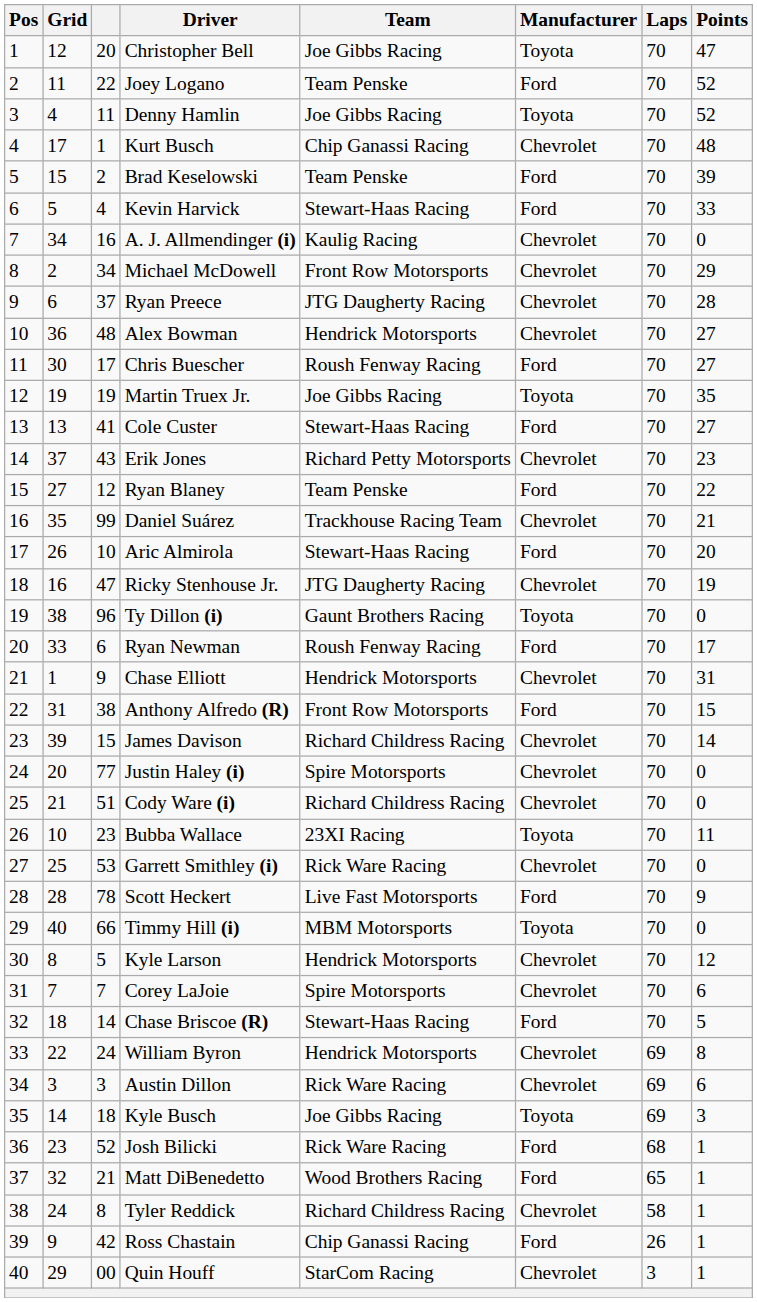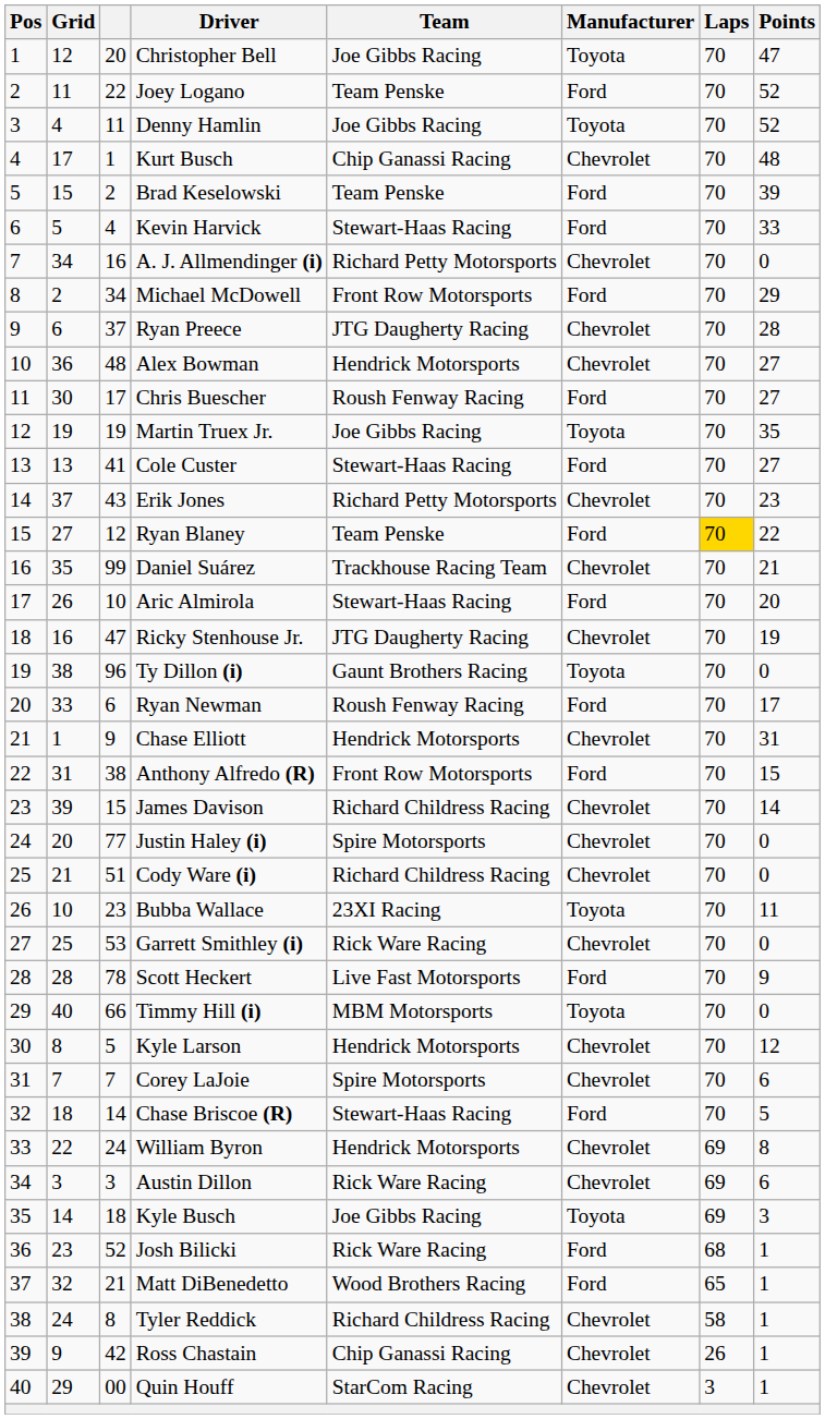 <table class="wikitable" style="font-size:98%">
 <tr>
 <th>Pos</th>
 <th>Grid</th>
 <th></th>
 <th>Driver</th>
 <th>Team</th>
 <th>Manufacturer</th>
 <th>Laps</th>
 <th>Points</th>
 </tr>
 <tr>
 <td>1</td>
 <td>12</td>
 <td>20</td>
 <td>Christopher Bell</td>
 <td>Joe Gibbs Racing</td>
 <td>Toyota</td>
 <td>70</td>
 <td>47</td>
 </tr>
 <tr>
 <td>2</td>
 <td>11</td>
 <td>22</td>
 <td>Joey Logano</td>
 <td>Team Penske</td>
 <td>Ford</td>
 <td>70</td>
 <td>52</td>
 </tr>
 <tr>
 <td>3</td>
 <td>4</td>
 <td>11</td>
 <td>Denny Hamlin</td>
 <td>Joe Gibbs Racing</td>
 <td>Toyota</td>
 <td>70</td>
 <td>52</td>
 </tr>
 <tr>
 <td>4</td>
 <td>17</td>
 <td>1</td>
 <td>Kurt Busch</td>
 <td>Chip Ganassi Racing</td>
 <td>Chevrolet</td>
 <td>70</td>
 <td>48</td>
 </tr>
 <tr>
 <td>5</td>
 <td>15</td>
 <td>2</td>
 <td>Brad Keselowski</td>
 <td>Team Penske</td>
 <td>Ford</td>
 <td>70</td>
 <td>39</td>
 </tr>
 <tr>
 <td>6</td>
 <td>5</td>
 <td>4</td>
 <td>Kevin Harvick</td>
 <td>Stewart-Haas Racing</td>
 <td>Ford</td>
 <td>70</td>
 <td>33</td>
 </tr>
 <tr>
 <td>7</td>
 <td>34</td>
 <td>16</td>
 <td>A. J. Allmendinger <strong>(i)</strong></td>
-<td>Kaulig Racing</td>
+<td>Richard Petty Motorsports</td>
 <td>Chevrolet</td>
 <td>70</td>
 <td>0</td>
 </tr>
 <tr>
 <td>8</td>
 <td>2</td>
 <td>34</td>
 <td>Michael McDowell</td>
 <td>Front Row Motorsports</td>
-<td>Chevrolet</td>
+<td>Ford</td>
 <td>70</td>
 <td>29</td>
 </tr>
 <tr>
 <td>9</td>
 <td>6</td>
 <td>37</td>
 <td>Ryan Preece</td>
 <td>JTG Daugherty Racing</td>
 <td>Chevrolet</td>
 <td>70</td>
 <td>28</td>
 </tr>
 <tr>
 <td>10</td>
 <td>36</td>
 <td>48</td>
 <td>Alex Bowman</td>
 <td>Hendrick Motorsports</td>
 <td>Chevrolet</td>
 <td>70</td>
 <td>27</td>
 </tr>
 <tr>
 <td>11</td>
 <td>30</td>
 <td>17</td>
 <td>Chris Buescher</td>
 <td>Roush Fenway Racing</td>
 <td>Ford</td>
 <td>70</td>
 <td>27</td>
 </tr>
 <tr>
 <td>12</td>
 <td>19</td>
 <td>19</td>
 <td>Martin Truex Jr.</td>
 <td>Joe Gibbs Racing</td>
 <td>Toyota</td>
 <td>70</td>
 <td>35</td>
 </tr>
 <tr>
 <td>13</td>
 <td>13</td>
 <td>41</td>
 <td>Cole Custer</td>
 <td>Stewart-Haas Racing</td>
 <td>Ford</td>
 <td>70</td>
 <td>27</td>
 </tr>
 <tr>
 <td>14</td>
 <td>37</td>
 <td>43</td>
 <td>Erik Jones</td>
 <td>Richard Petty Motorsports</td>
 <td>Chevrolet</td>
 <td>70</td>
 <td>23</td>
 </tr>
 <tr>
 <td>15</td>
 <td>27</td>
 <td>12</td>
 <td>Ryan Blaney</td>
 <td>Team Penske</td>
 <td>Ford</td>
-<td>70</td>
+<td style="background: gold;">70</td>
 <td>22</td>
 </tr>
 <tr>
 <td>16</td>
 <td>35</td>
 <td>99</td>
 <td>Daniel Suárez</td>
 <td>Trackhouse Racing Team</td>
 <td>Chevrolet</td>
 <td>70</td>
 <td>21</td>
 </tr>
 <tr>
 <td>17</td>
 <td>26</td>
 <td>10</td>
 <td>Aric Almirola</td>
 <td>Stewart-Haas Racing</td>
 <td>Ford</td>
 <td>70</td>
 <td>20</td>
 </tr>
 <tr>
 <td>18</td>
 <td>16</td>
 <td>47</td>
 <td>Ricky Stenhouse Jr.</td>
 <td>JTG Daugherty Racing</td>
 <td>Chevrolet</td>
 <td>70</td>
 <td>19</td>
 </tr>
 <tr>
 <td>19</td>
 <td>38</td>
 <td>96</td>
 <td>Ty Dillon <strong>(i)</strong></td>
 <td>Gaunt Brothers Racing</td>
 <td>Toyota</td>
 <td>70</td>
 <td>0</td>
 </tr>
 <tr>
 <td>20</td>
 <td>33</td>
 <td>6</td>
 <td>Ryan Newman</td>
 <td>Roush Fenway Racing</td>
 <td>Ford</td>
 <td>70</td>
 <td>17</td>
 </tr>
 <tr>
 <td>21</td>
 <td>1</td>
 <td>9</td>
 <td>Chase Elliott</td>
 <td>Hendrick Motorsports</td>
 <td>Chevrolet</td>
 <td>70</td>
 <td>31</td>
 </tr>
 <tr>
 <td>22</td>
 <td>31</td>
 <td>38</td>
 <td>Anthony Alfredo <strong>(R)</strong></td>
 <td>Front Row Motorsports</td>
 <td>Ford</td>
 <td>70</td>
 <td>15</td>
 </tr>
 <tr>
 <td>23</td>
 <td>39</td>
 <td>15</td>
 <td>James Davison</td>
 <td>Richard Childress Racing</td>
 <td>Chevrolet</td>
 <td>70</td>
 <td>14</td>
 </tr>
 <tr>
 <td>24</td>
 <td>20</td>
 <td>77</td>
 <td>Justin Haley <strong>(i)</strong></td>
 <td>Spire Motorsports</td>
 <td>Chevrolet</td>
 <td>70</td>
 <td>0</td>
 </tr>
 <tr>
 <td>25</td>
 <td>21</td>
 <td>51</td>
 <td>Cody Ware <strong>(i)</strong></td>
 <td>Richard Childress Racing</td>
 <td>Chevrolet</td>
 <td>70</td>
 <td>0</td>
 </tr>
 <tr>
 <td>26</td>
 <td>10</td>
 <td>23</td>
 <td>Bubba Wallace</td>
 <td>23XI Racing</td>
 <td>Toyota</td>
 <td>70</td>
 <td>11</td>
 </tr>
 <tr>
 <td>27</td>
 <td>25</td>
 <td>53</td>
 <td>Garrett Smithley <strong>(i)</strong></td>
 <td>Rick Ware Racing</td>
 <td>Chevrolet</td>
 <td>70</td>
 <td>0</td>
 </tr>
 <tr>
 <td>28</td>
 <td>28</td>
 <td>78</td>
 <td>Scott Heckert</td>
 <td>Live Fast Motorsports</td>
 <td>Ford</td>
 <td>70</td>
 <td>9</td>
 </tr>
 <tr>
 <td>29</td>
 <td>40</td>
 <td>66</td>
 <td>Timmy Hill <strong>(i)</strong></td>
 <td>MBM Motorsports</td>
 <td>Toyota</td>
 <td>70</td>
 <td>0</td>
 </tr>
 <tr>
 <td>30</td>
 <td>8</td>
 <td>5</td>
 <td>Kyle Larson</td>
 <td>Hendrick Motorsports</td>
 <td>Chevrolet</td>
 <td>70</td>
 <td>12</td>
 </tr>
 <tr>
 <td>31</td>
 <td>7</td>
 <td>7</td>
 <td>Corey LaJoie</td>
 <td>Spire Motorsports</td>
 <td>Chevrolet</td>
 <td>70</td>
 <td>6</td>
 </tr>
 <tr>
 <td>32</td>
 <td>18</td>
 <td>14</td>
 <td>Chase Briscoe <strong>(R)</strong></td>
 <td>Stewart-Haas Racing</td>
 <td>Ford</td>
 <td>70</td>
 <td>5</td>
 </tr>
 <tr>
 <td>33</td>
 <td>22</td>
 <td>24</td>
 <td>William Byron</td>
 <td>Hendrick Motorsports</td>
 <td>Chevrolet</td>
 <td>69</td>
 <td>8</td>
 </tr>
 <tr>
 <td>34</td>
 <td>3</td>
 <td>3</td>
 <td>Austin Dillon</td>
 <td>Rick Ware Racing</td>
 <td>Chevrolet</td>
 <td>69</td>
 <td>6</td>
 </tr>
 <tr>
 <td>35</td>
 <td>14</td>
 <td>18</td>
 <td>Kyle Busch</td>
 <td>Joe Gibbs Racing</td>
 <td>Toyota</td>
 <td>69</td>
 <td>3</td>
 </tr>
 <tr>
 <td>36</td>
 <td>23</td>
 <td>52</td>
 <td>Josh Bilicki</td>
 <td>Rick Ware Racing</td>
 <td>Ford</td>
 <td>68</td>
 <td>1</td>
 </tr>
 <tr>
 <td>37</td>
 <td>32</td>
 <td>21</td>
 <td>Matt DiBenedetto</td>
 <td>Wood Brothers Racing</td>
 <td>Ford</td>
 <td>65</td>
 <td>1</td>
 </tr>
 <tr>
 <td>38</td>
 <td>24</td>
 <td>8</td>
 <td>Tyler Reddick</td>
 <td>Richard Childress Racing</td>
 <td>Chevrolet</td>
 <td>58</td>
 <td>1</td>
 </tr>
 <tr>
 <td>39</td>
 <td>9</td>
 <td>42</td>
 <td>Ross Chastain</td>
 <td>Chip Ganassi Racing</td>
-<td>Ford</td>
+<td>Chevrolet</td>
 <td>26</td>
 <td>1</td>
 </tr>
 <tr>
 <td>40</td>
 <td>29</td>
 <td>00</td>
 <td>Quin Houff</td>
 <td>StarCom Racing</td>
 <td>Chevrolet</td>
 <td>3</td>
 <td>1</td>
 </tr>
 <tr>
 <th colspan="8"></th>
 </tr>
 </table>
